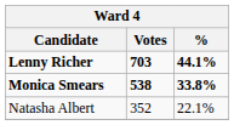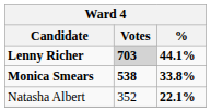 <table class="wikitable" style="width:250px">
 <tr>
 <th colspan=3>Ward 4</th>
 </tr>
 <tr>
 <th>Candidate</th>
 <th>Votes</th>
 <th>%</th>
 </tr>
 <tr>
 <td><strong>Lenny Richer</strong></td>
-<td><strong>703</strong></td>
+<td style="background: lightgrey;"><strong>703</strong></td>
 <td><strong>44.1%</strong></td>
 </tr>
 <tr>
 <td><strong>Monica Smears</strong></td>
 <td><strong>538</strong></td>
 <td><strong>33.8%</strong></td>
 </tr>
 <tr>
 <td>Natasha Albert</td>
 <td>352</td>
-<td>22.1%</td>
+<td><strong>22.1%</strong></td>
 </tr>
 <tr>
 </tr>
 </table>
